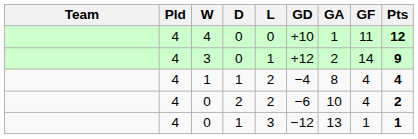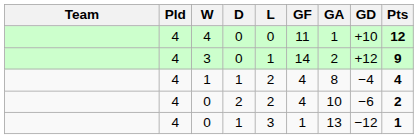 <table class="wikitable" style="text-align:center;">
 <tr>
 <th width=175>Team</th>
 <th width=30  abbr="Played">Pld</th>
 <th width=30  abbr="Won">W</th>
 <th width=30  abbr="Drawn">D</th>
 <th width=30  abbr="Lost">L</th>
+<th width=30  abbr="Goals for">GF</th>
+<th width=30  abbr="Goals against">GA</th>
 <th width=30  abbr="Goal difference">GD</th>
-<th width=30  abbr="Goals against">GA</th>
-<th width=30  abbr="Goals for">GF</th>
 <th width=30  abbr="Points">Pts</th>
 </tr>
 <tr bgcolor="#ccffcc">
 <td align=left></td>
 <td>4</td>
 <td>4</td>
 <td>0</td>
 <td>0</td>
+<td>11</td>
+<td>1</td>
 <td>+10</td>
-<td>1</td>
-<td>11</td>
 <td><strong>12</strong></td>
 </tr>
 <tr bgcolor="#ccffcc">
 <td align=left></td>
 <td>4</td>
 <td>3</td>
 <td>0</td>
 <td>1</td>
+<td>14</td>
+<td>2</td>
 <td>+12</td>
-<td>2</td>
-<td>14</td>
 <td><strong>9</strong></td>
 </tr>
 <tr>
 <td align=left></td>
 <td>4</td>
 <td>1</td>
 <td>1</td>
 <td>2</td>
+<td>4</td>
+<td>8</td>
 <td>−4</td>
-<td>8</td>
-<td>4</td>
 <td><strong>4</strong></td>
 </tr>
 <tr>
 <td align=left></td>
 <td>4</td>
 <td>0</td>
 <td>2</td>
 <td>2</td>
+<td>4</td>
+<td>10</td>
 <td>−6</td>
-<td>10</td>
-<td>4</td>
 <td><strong>2</strong></td>
 </tr>
 <tr>
 <td align=left></td>
 <td>4</td>
 <td>0</td>
 <td>1</td>
 <td>3</td>
+<td>1</td>
+<td>13</td>
 <td>−12</td>
-<td>13</td>
-<td>1</td>
 <td><strong>1</strong></td>
 </tr>
 </table>
